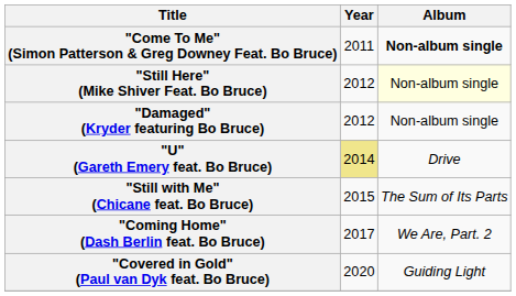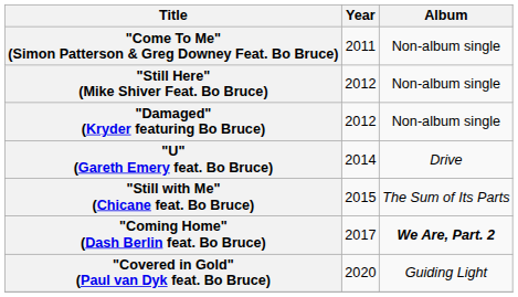 <table class="wikitable plainrowheaders" style="text-align:center;">
 <tr>
 <th scope="col">Title</th>
 <th scope="col">Year</th>
 <th scope="col">Album</th>
 </tr>
 <tr>
 <th scope="row">"Come To Me"<br><span>(Simon Patterson & Greg Downey Feat. Bo Bruce)</span></th>
 <td>2011</td>
-<td><strong>Non-album single</strong></td>
+<td>Non-album single</td>
 </tr>
 <tr>
 <th scope="row">"Still Here"<br><span>(Mike Shiver Feat. Bo Bruce)</span></th>
 <td>2012</td>
-<td style="background: lightyellow;">Non-album single</td>
+<td>Non-album single</td>
 </tr>
 <tr>
 <th scope="row">"Damaged"<br><span>(<a href='#'>Kryder</a> featuring Bo Bruce)</span></th>
 <td>2012</td>
 <td>Non-album single</td>
 </tr>
 <tr>
 <th scope="row">"U"<span><br>(<a href='#'>Gareth Emery</a> feat. Bo Bruce)</span></th>
-<td style="background: khaki;">2014</td>
+<td>2014</td>
 <td><em>Drive</em></td>
 </tr>
 <tr>
 <th scope="row">"Still with Me"<span><br>(<a href='#'>Chicane</a> feat. Bo Bruce)</span></th>
 <td>2015</td>
 <td><em>The Sum of Its Parts</em></td>
 </tr>
 <tr>
 <th scope="row">"Coming Home"<span><br>(<a href='#'>Dash Berlin</a> feat. Bo Bruce)</span></th>
 <td>2017</td>
-<td><em>We Are, Part. 2</em></td>
+<td><strong><em>We Are, Part. 2</em></strong></td>
 </tr>
 <tr>
 <th scope="row">"Covered in Gold"<span><br>(<a href='#'>Paul van Dyk</a> feat. Bo Bruce)</span></th>
 <td>2020</td>
 <td><em>Guiding Light</em></td>
 </tr>
 <tr>
 </tr>
 </table>
